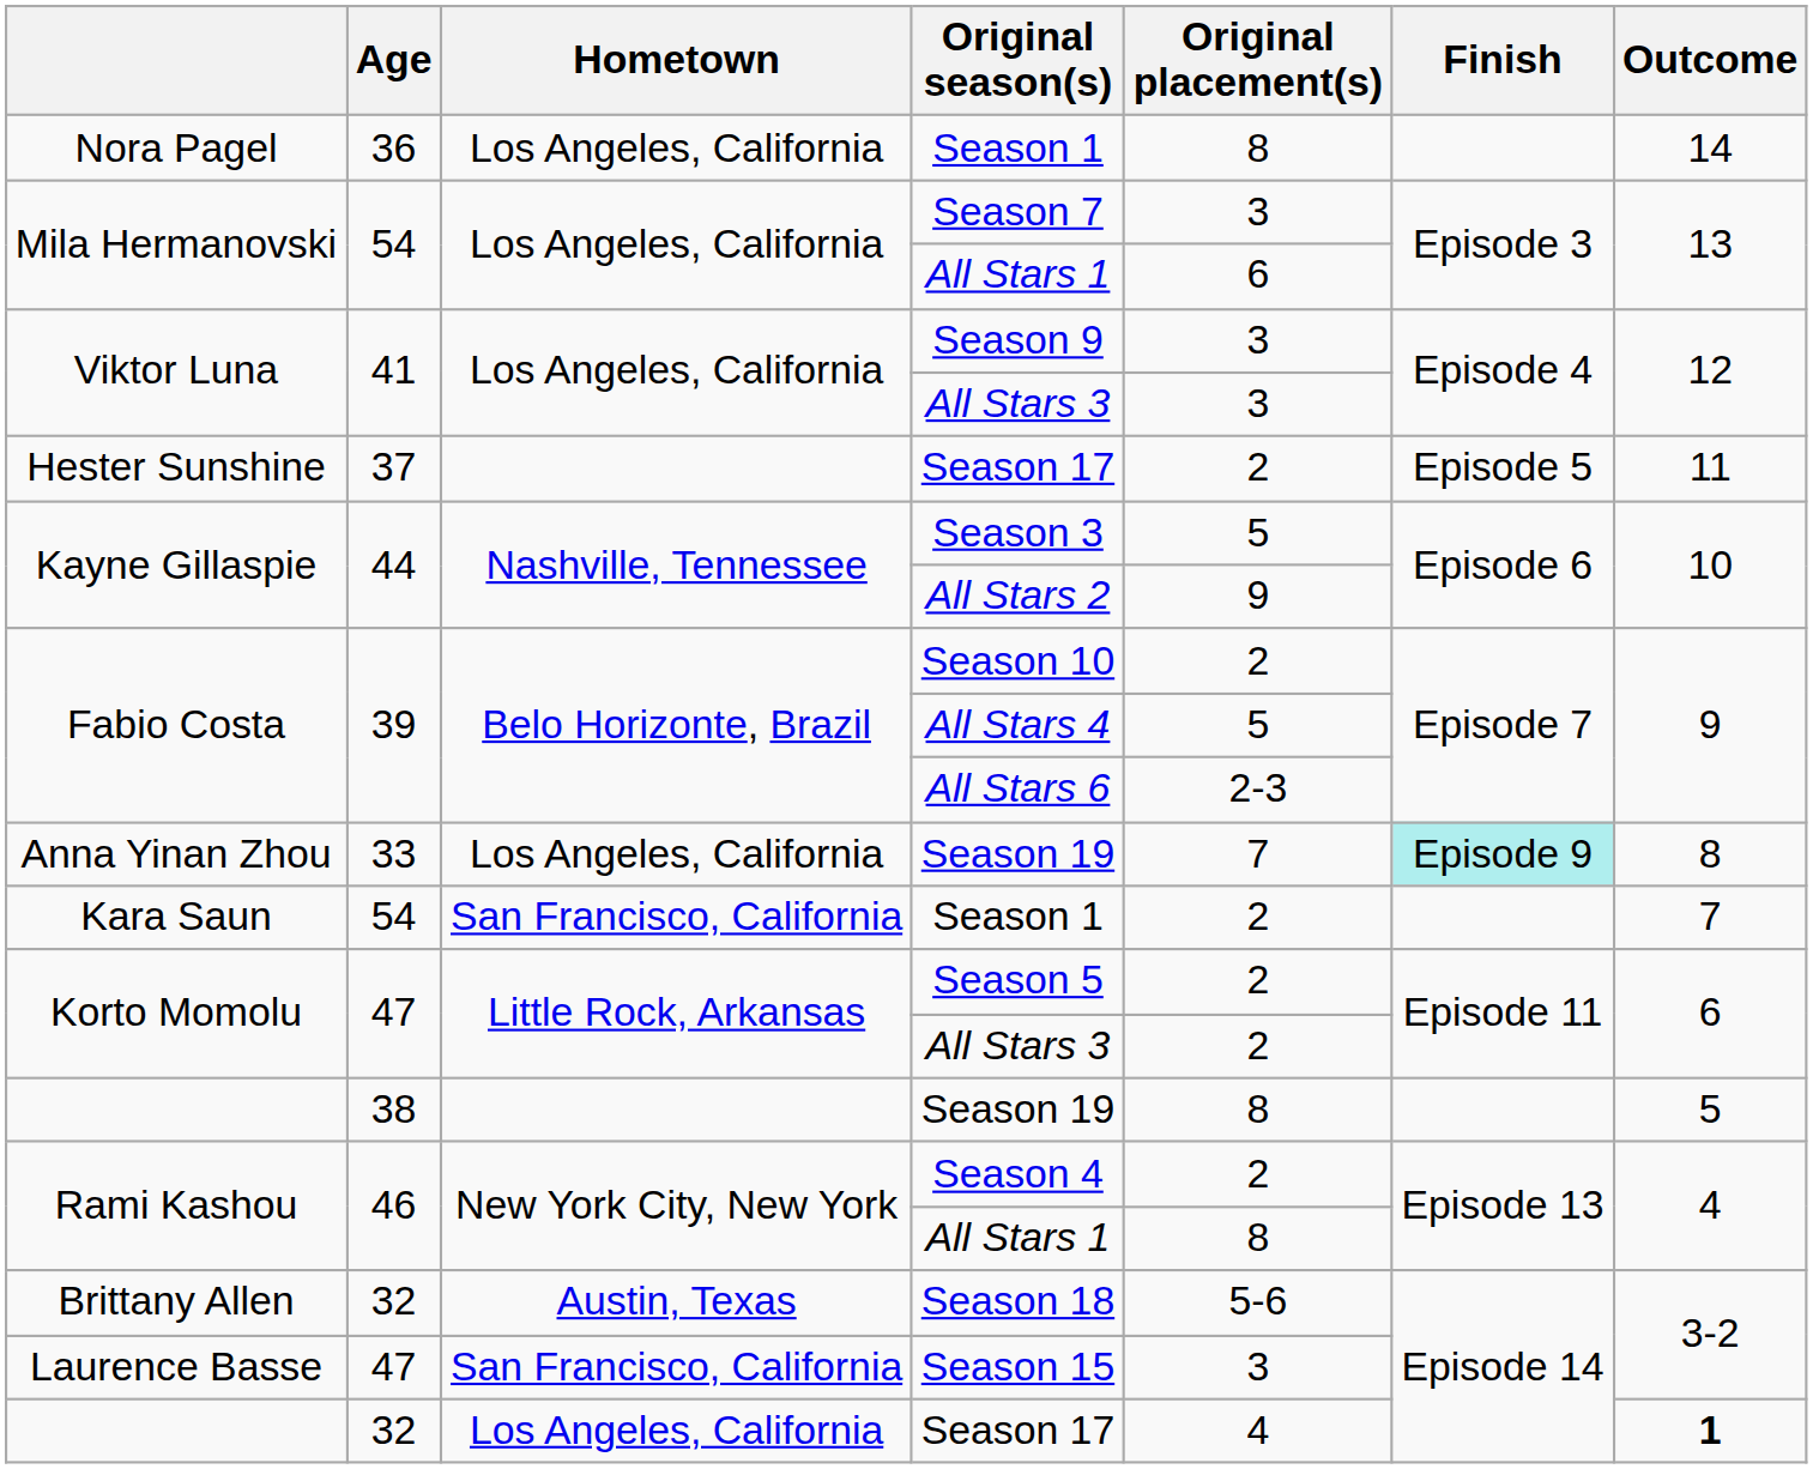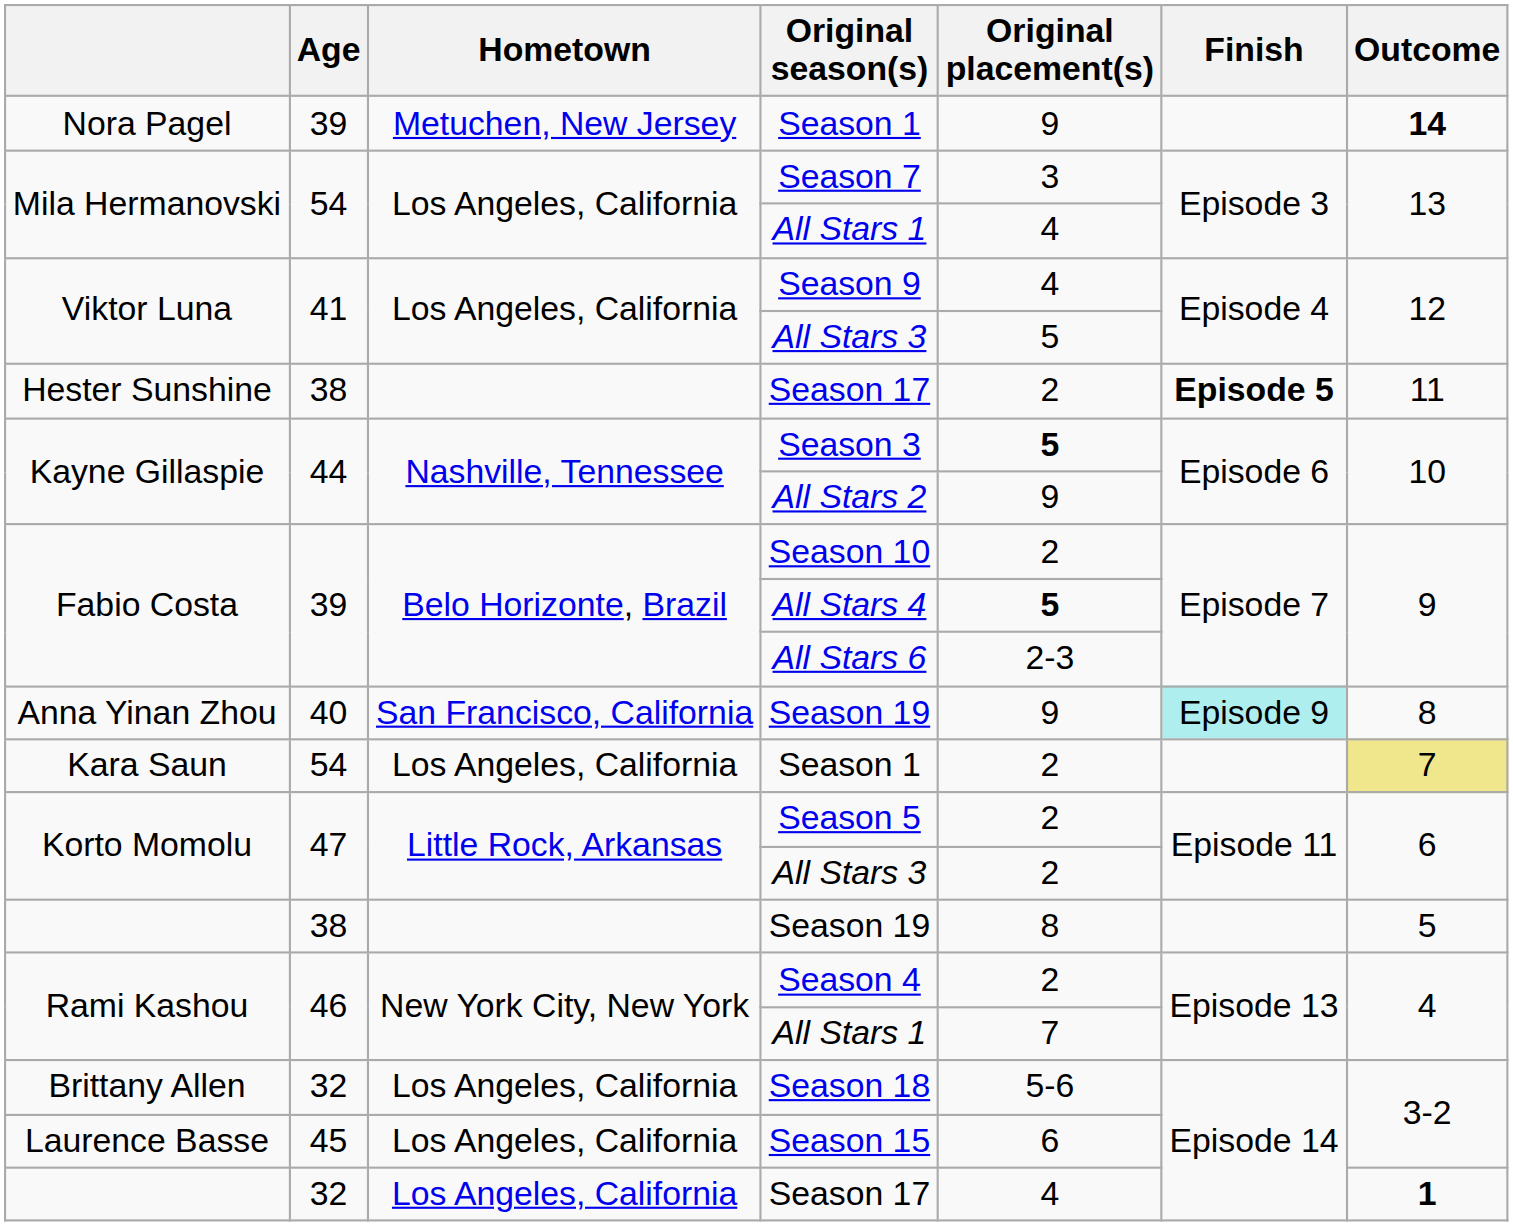 <table class="wikitable sortable" style="text-align:center;">
 <tr>
 <th></th>
 <th>Age</th>
 <th>Hometown</th>
 <th>Original<br>season(s)</th>
 <th>Original<br>placement(s)</th>
 <th>Finish</th>
 <th>Outcome</th>
 </tr>
 <tr>
 <td>Nora Pagel</td>
-<td>36</td>
-<td>Los Angeles, California</td>
+<td>39</td>
+<td><a href='#'>Metuchen, New Jersey</a></td>
 <td><a href='#'>Season 1</a></td>
-<td>8</td>
+<td>9</td>
 <td></td>
-<td>14</td>
+<td><strong>14</strong></td>
 </tr>
 <tr>
 <td rowspan="2">Mila Hermanovski</td>
 <td rowspan="2">54</td>
 <td rowspan="2">Los Angeles, California</td>
 <td><a href='#'>Season 7</a></td>
 <td>3</td>
 <td rowspan="2">Episode 3</td>
 <td rowspan="2">13</td>
 </tr>
 <tr>
 <td><a href='#'><em>All Stars 1</em></a></td>
-<td>6</td>
+<td>4</td>
 </tr>
 <tr>
 <td rowspan="2">Viktor Luna</td>
 <td rowspan="2">41</td>
 <td rowspan="2">Los Angeles, California</td>
 <td><a href='#'>Season 9</a></td>
-<td>3</td>
+<td>4</td>
 <td rowspan="2">Episode 4</td>
 <td rowspan="2">12</td>
 </tr>
 <tr>
 <td><a href='#'><em>All Stars 3</em></a></td>
-<td>3</td>
+<td>5</td>
 </tr>
 <tr>
 <td>Hester Sunshine</td>
-<td>37</td>
+<td>38</td>
 <td></td>
 <td><a href='#'>Season 17</a></td>
 <td>2</td>
-<td>Episode 5</td>
+<td><strong>Episode 5</strong></td>
 <td>11</td>
 </tr>
 <tr>
 <td rowspan="2">Kayne Gillaspie</td>
 <td rowspan="2">44</td>
 <td rowspan="2"><a href='#'>Nashville, Tennessee</a></td>
 <td><a href='#'>Season 3</a></td>
-<td>5</td>
+<td><strong>5</strong></td>
 <td rowspan="2">Episode 6</td>
 <td rowspan="2">10</td>
 </tr>
 <tr>
 <td><a href='#'><em>All Stars 2</em></a></td>
 <td>9</td>
 </tr>
 <tr>
 <td rowspan="3">Fabio Costa</td>
 <td rowspan="3">39</td>
 <td rowspan="3"><a href='#'>Belo Horizonte</a>, <a href='#'>Brazil</a></td>
 <td><a href='#'>Season 10</a></td>
 <td>2</td>
 <td rowspan="3">Episode 7</td>
 <td rowspan="3">9</td>
 </tr>
 <tr>
 <td><a href='#'><em>All Stars 4</em></a></td>
-<td>5</td>
+<td><strong>5</strong></td>
 </tr>
 <tr>
 <td><a href='#'><em>All Stars 6</em></a></td>
 <td>2-3</td>
 </tr>
 <tr>
 <td>Anna Yinan Zhou</td>
-<td>33</td>
-<td>Los Angeles, California</td>
+<td>40</td>
+<td><a href='#'>San Francisco, California</a></td>
 <td><a href='#'>Season 19</a></td>
-<td>7</td>
+<td>9</td>
 <td style="background: paleturquoise;">Episode 9</td>
 <td>8</td>
 </tr>
 <tr>
 <td>Kara Saun</td>
 <td>54</td>
-<td><a href='#'>San Francisco, California</a></td>
+<td>Los Angeles, California</td>
 <td>Season 1</td>
 <td>2</td>
 <td></td>
-<td>7</td>
+<td style="background: khaki;">7</td>
 </tr>
 <tr>
 <td rowspan="2">Korto Momolu</td>
 <td rowspan="2">47</td>
 <td rowspan="2"><a href='#'>Little Rock, Arkansas</a></td>
 <td><a href='#'>Season 5</a></td>
 <td>2</td>
 <td rowspan="2">Episode 11</td>
 <td rowspan="2">6</td>
 </tr>
 <tr>
 <td><em>All Stars 3</em></td>
 <td>2</td>
 </tr>
 <tr>
 <td></td>
 <td>38</td>
 <td></td>
 <td>Season 19</td>
 <td>8</td>
 <td></td>
 <td>5</td>
 </tr>
 <tr>
 <td rowspan="2">Rami Kashou</td>
 <td rowspan="2">46</td>
 <td rowspan="2">New York City, New York</td>
 <td><a href='#'>Season 4</a></td>
 <td>2</td>
 <td rowspan="2">Episode 13</td>
 <td rowspan="2">4</td>
 </tr>
 <tr>
 <td><em>All Stars 1</em></td>
-<td>8</td>
+<td>7</td>
 </tr>
 <tr>
 <td>Brittany Allen</td>
 <td>32</td>
-<td><a href='#'>Austin, Texas</a></td>
+<td>Los Angeles, California</td>
 <td><a href='#'>Season 18</a></td>
 <td>5-6</td>
 <td rowspan="3">Episode 14</td>
 <td rowspan="2">3-2</td>
 </tr>
 <tr>
 <td>Laurence Basse</td>
-<td>47</td>
-<td><a href='#'>San Francisco, California</a></td>
+<td>45</td>
+<td>Los Angeles, California</td>
 <td><a href='#'>Season 15</a></td>
-<td>3</td>
+<td>6</td>
 </tr>
 <tr>
 <td></td>
 <td>32</td>
 <td><a href='#'>Los Angeles, California</a></td>
 <td>Season 17</td>
 <td>4</td>
 <td><strong>1</strong></td>
 </tr>
 </table>
